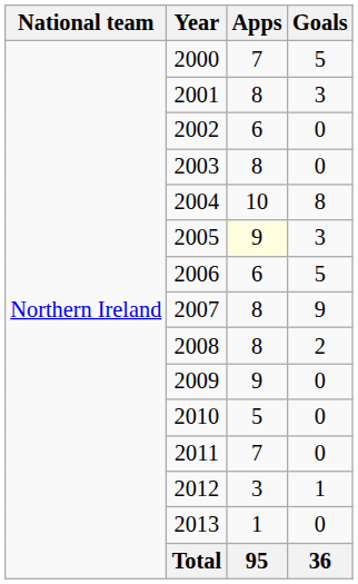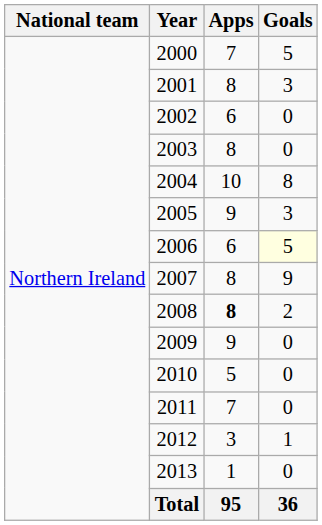 <table class="wikitable" style="text-align:center">
 <tr>
 <th>National team</th>
 <th>Year</th>
 <th>Apps</th>
 <th>Goals</th>
 </tr>
 <tr>
 <td rowspan="15"><a href='#'>Northern Ireland</a></td>
 <td>2000</td>
 <td>7</td>
 <td>5</td>
 </tr>
 <tr>
 <td>2001</td>
 <td>8</td>
 <td>3</td>
 </tr>
 <tr>
 <td>2002</td>
 <td>6</td>
 <td>0</td>
 </tr>
 <tr>
 <td>2003</td>
 <td>8</td>
 <td>0</td>
 </tr>
 <tr>
 <td>2004</td>
 <td>10</td>
 <td>8</td>
 </tr>
 <tr>
 <td>2005</td>
-<td style="background: lightyellow;">9</td>
+<td>9</td>
 <td>3</td>
 </tr>
 <tr>
 <td>2006</td>
 <td>6</td>
-<td>5</td>
+<td style="background: lightyellow;">5</td>
 </tr>
 <tr>
 <td>2007</td>
 <td>8</td>
 <td>9</td>
 </tr>
 <tr>
 <td>2008</td>
-<td>8</td>
+<td><strong>8</strong></td>
 <td>2</td>
 </tr>
 <tr>
 <td>2009</td>
 <td>9</td>
 <td>0</td>
 </tr>
 <tr>
 <td>2010</td>
 <td>5</td>
 <td>0</td>
 </tr>
 <tr>
 <td>2011</td>
 <td>7</td>
 <td>0</td>
 </tr>
 <tr>
 <td>2012</td>
 <td>3</td>
 <td>1</td>
 </tr>
 <tr>
 <td>2013</td>
 <td>1</td>
 <td>0</td>
 </tr>
 <tr>
 <th>Total</th>
 <th>95</th>
 <th>36</th>
 </tr>
 </table>
